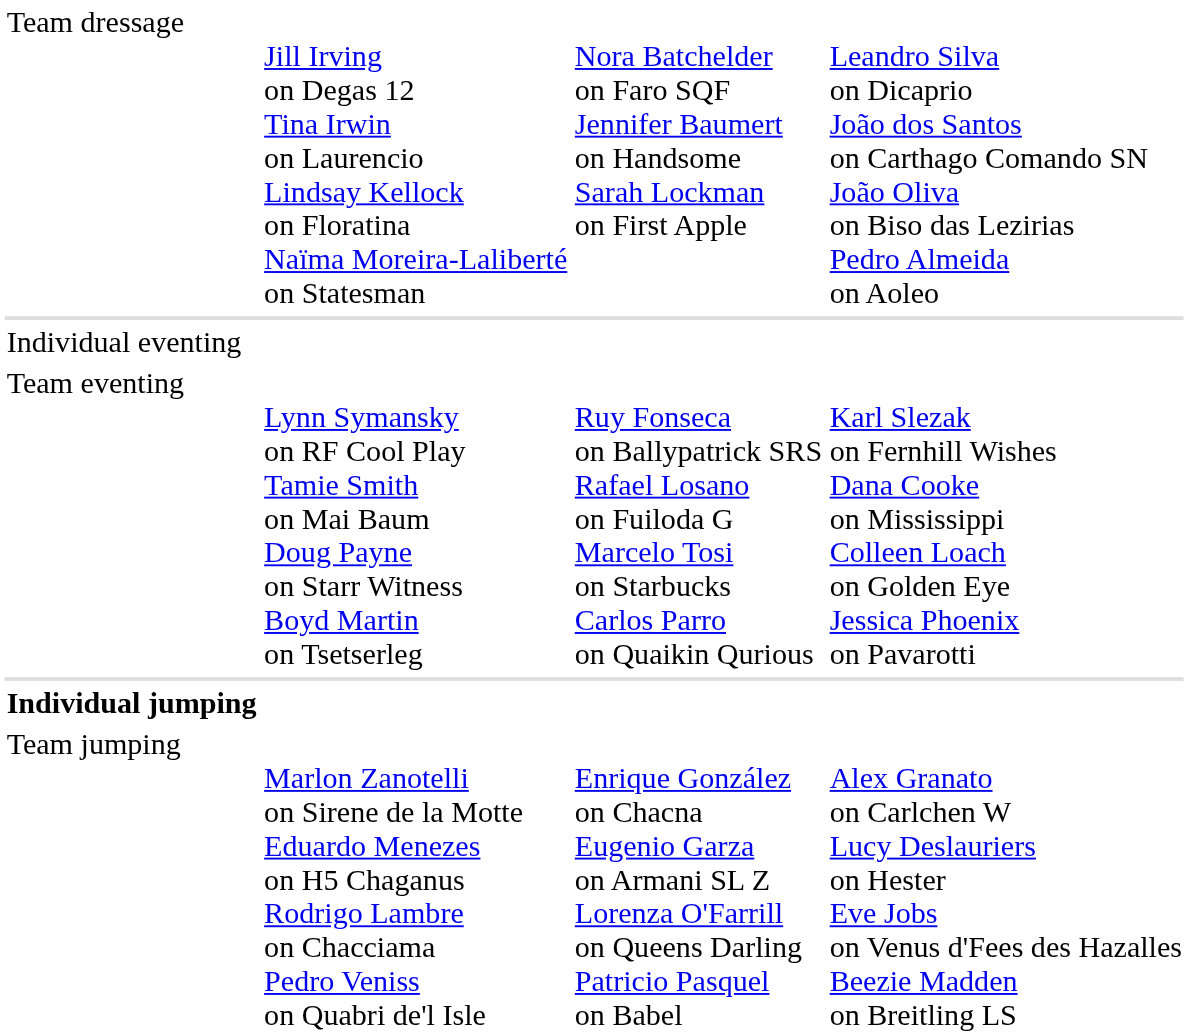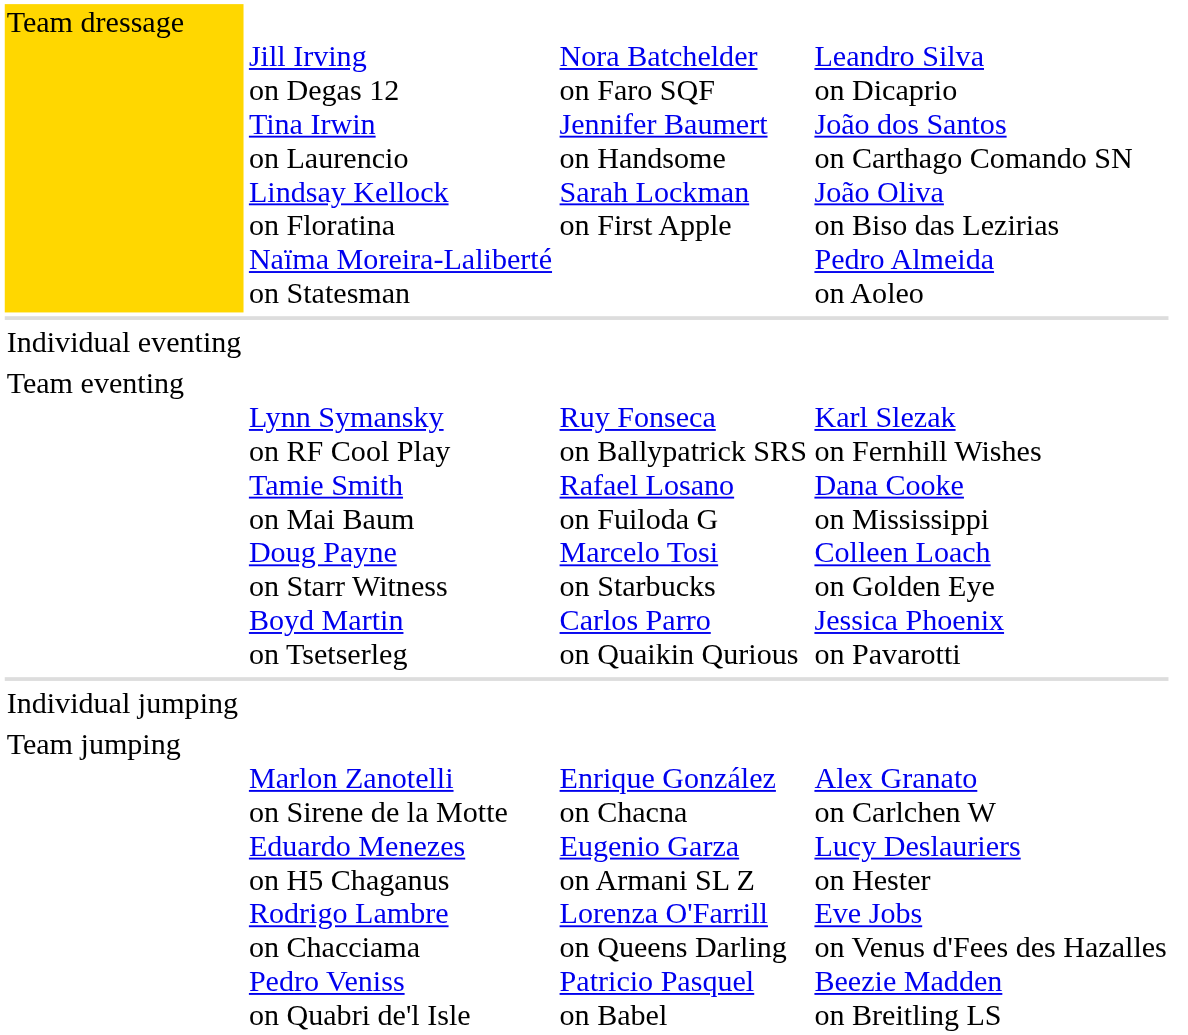 <table>
 <tr valign="top">
 <td><br></td>
 <td></td>
 <td></td>
 <td></td>
 </tr>
 <tr valign="top">
-<td>Team dressage<br></td>
+<td style="background: gold;">Team dressage<br></td>
 <td><br><a href='#'>Jill Irving</a><br>on Degas 12<br><a href='#'>Tina Irwin</a><br>on Laurencio<br><a href='#'>Lindsay Kellock</a><br>on Floratina<br><a href='#'>Naïma Moreira-Laliberté</a><br>on Statesman</td>
 <td><br><a href='#'>Nora Batchelder</a><br>on Faro SQF<br><a href='#'>Jennifer Baumert</a><br>on Handsome<br><a href='#'>Sarah Lockman</a><br>on First Apple<br><br><br></td>
 <td><br><a href='#'>Leandro Silva</a><br>on Dicaprio<br><a href='#'>João dos Santos</a><br>on Carthago Comando SN<br><a href='#'>João Oliva</a><br>on Biso das Lezirias<br><a href='#'>Pedro Almeida</a><br>on Aoleo</td>
 </tr>
 <tr bgcolor=#DDDDDD>
 <td colspan=7></td>
 </tr>
 <tr valign="top">
 <td>Individual eventing<br></td>
 <td></td>
 <td></td>
 <td></td>
 </tr>
 <tr valign="top">
 <td>Team eventing<br></td>
 <td><br><a href='#'>Lynn Symansky</a><br>on RF Cool Play<br><a href='#'>Tamie Smith</a><br>on Mai Baum<br><a href='#'>Doug Payne</a><br>on Starr Witness<br><a href='#'>Boyd Martin</a><br>on Tsetserleg</td>
 <td><br><a href='#'>Ruy Fonseca</a><br> on Ballypatrick SRS<br><a href='#'>Rafael Losano</a><br>on Fuiloda G<br><a href='#'>Marcelo Tosi</a><br>on Starbucks<br><a href='#'>Carlos Parro</a><br> on Quaikin Qurious</td>
 <td><br><a href='#'>Karl Slezak</a><br>on Fernhill Wishes<br><a href='#'>Dana Cooke</a><br>on Mississippi<br><a href='#'>Colleen Loach</a><br>on Golden Eye<br><a href='#'>Jessica Phoenix</a><br>on Pavarotti</td>
 </tr>
 <tr bgcolor=#DDDDDD>
 <td colspan=7></td>
 </tr>
 <tr valign="top">
-<td><strong>Individual jumping<br></strong></td>
+<td>Individual jumping<br></td>
 <td></td>
 <td></td>
 <td></td>
 </tr>
 <tr valign="top">
 <td>Team jumping<br></td>
 <td><br><a href='#'>Marlon Zanotelli</a><br>on Sirene de la Motte<br><a href='#'>Eduardo Menezes</a><br>on H5 Chaganus<br><a href='#'>Rodrigo Lambre</a><br>on Chacciama<br><a href='#'>Pedro Veniss</a><br>on Quabri de'l Isle</td>
 <td><br><a href='#'>Enrique González</a><br>on Chacna<br><a href='#'>Eugenio Garza</a><br>on Armani SL Z<br><a href='#'>Lorenza O'Farrill</a><br>on Queens Darling<br><a href='#'>Patricio Pasquel</a><br>on Babel</td>
 <td><br><a href='#'>Alex Granato</a><br> on Carlchen W<br><a href='#'>Lucy Deslauriers</a><br>on Hester<br><a href='#'>Eve Jobs</a><br>on Venus d'Fees des Hazalles<br><a href='#'>Beezie Madden</a><br> on Breitling LS</td>
 </tr>
 </table>
